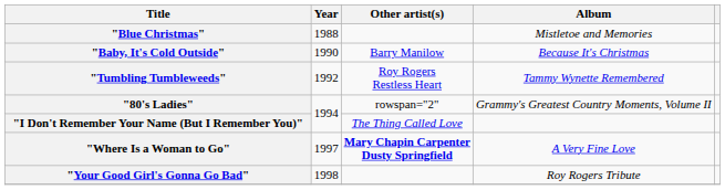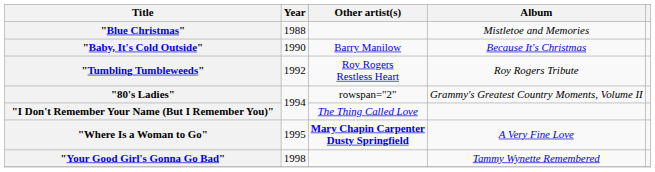 <table class="wikitable plainrowheaders" style="text-align:center;" border="1">
 <tr>
 <th scope="col" style="width:25em;">Title</th>
 <th scope="col">Year</th>
 <th scope="col">Other artist(s)</th>
 <th scope="col">Album</th>
 <th scope="col"></th>
 </tr>
 <tr>
 <th scope="row">"<a href='#'>Blue Christmas</a>"</th>
 <td>1988</td>
 <td></td>
 <td><em>Mistletoe and Memories</em></td>
 <td></td>
 </tr>
 <tr>
 <th scope="row">"<a href='#'>Baby, It's Cold Outside</a>"</th>
 <td>1990</td>
 <td><a href='#'>Barry Manilow</a></td>
 <td><em><a href='#'>Because It's Christmas</a></em></td>
 <td></td>
 </tr>
 <tr>
 <th scope="row">"<a href='#'>Tumbling Tumbleweeds</a>"</th>
 <td>1992</td>
 <td><a href='#'>Roy Rogers</a><br><a href='#'>Restless Heart</a></td>
-<td><em><a href='#'>Tammy Wynette Remembered</a></em></td>
+<td><em>Roy Rogers Tribute</em></td>
 <td></td>
 </tr>
 <tr>
 <th scope="row">"80's Ladies" </th>
 <td rowspan="2">1994</td>
 <td>rowspan="2" </td>
 <td><em>Grammy's Greatest Country Moments, Volume II</em></td>
 <td></td>
 </tr>
 <tr>
 <th scope="row">"I Don't Remember Your Name (But I Remember You)"</th>
 <td><em><a href='#'>The Thing Called Love</a></em> </td>
 <td></td>
 </tr>
 <tr>
 <th scope="row">"Where Is a Woman to Go"</th>
-<td>1997</td>
+<td>1995</td>
 <td><strong><a href='#'>Mary Chapin Carpenter</a><br><a href='#'>Dusty Springfield</a></strong></td>
 <td><em><a href='#'>A Very Fine Love</a></em></td>
 <td></td>
 </tr>
 <tr>
 <th scope="row">"<a href='#'>Your Good Girl's Gonna Go Bad</a>"</th>
 <td>1998</td>
 <td></td>
-<td><em>Roy Rogers Tribute</em></td>
+<td><em><a href='#'>Tammy Wynette Remembered</a></em></td>
 <td></td>
 </tr>
 <tr>
 </tr>
 </table>
